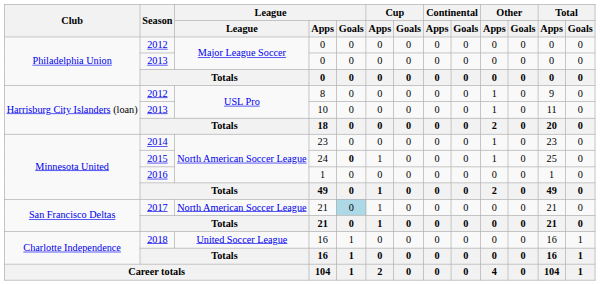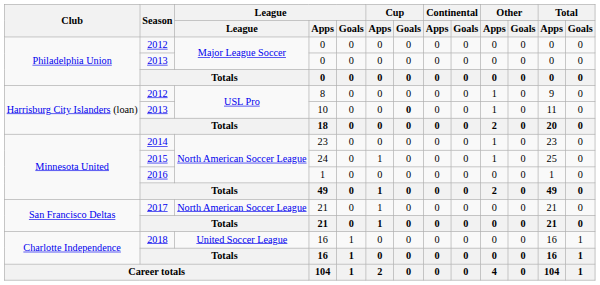 <table class="wikitable" Style="text-align: center">
 <tr>
 <th rowspan="2">Club</th>
 <th rowspan="2">Season</th>
 <th colspan="3">League</th>
 <th colspan="2">Cup</th>
 <th colspan="2">Continental</th>
 <th colspan="2">Other</th>
 <th colspan="2">Total</th>
 </tr>
 <tr>
 <th>League</th>
 <th>Apps</th>
 <th>Goals</th>
 <th>Apps</th>
 <th>Goals</th>
 <th>Apps</th>
 <th>Goals</th>
 <th>Apps</th>
 <th>Goals</th>
 <th>Apps</th>
 <th>Goals</th>
 </tr>
 <tr>
 <td rowspan="3"><a href='#'>Philadelphia Union</a></td>
 <td><a href='#'>2012</a></td>
 <td rowspan="2"><a href='#'>Major League Soccer</a></td>
 <td>0</td>
 <td>0</td>
 <td>0</td>
 <td>0</td>
 <td>0</td>
 <td>0</td>
 <td>0</td>
 <td>0</td>
 <td>0</td>
 <td>0</td>
 </tr>
 <tr>
 <td><a href='#'>2013</a></td>
 <td>0</td>
 <td>0</td>
 <td>0</td>
 <td>0</td>
 <td>0</td>
 <td>0</td>
 <td>0</td>
 <td>0</td>
 <td>0</td>
 <td>0</td>
 </tr>
 <tr>
 <th colspan="2">Totals</th>
 <th>0</th>
 <th>0</th>
 <th>0</th>
 <th>0</th>
 <th>0</th>
 <th>0</th>
 <th>0</th>
 <th>0</th>
 <th>0</th>
 <th>0</th>
 </tr>
 <tr>
 <td rowspan="3"><a href='#'>Harrisburg City Islanders</a> (loan)</td>
 <td><a href='#'>2012</a></td>
 <td rowspan="2"><a href='#'>USL Pro</a></td>
 <td>8</td>
 <td>0</td>
 <td>0</td>
 <td>0</td>
 <td>0</td>
 <td>0</td>
 <td>1</td>
 <td>0</td>
 <td>9</td>
 <td>0</td>
 </tr>
 <tr>
 <td><a href='#'>2013</a></td>
 <td>10</td>
 <td>0</td>
 <td>0</td>
-<td>0</td>
+<td><strong>0</strong></td>
 <td>0</td>
 <td>0</td>
 <td>1</td>
 <td>0</td>
 <td>11</td>
 <td>0</td>
 </tr>
 <tr>
 <th colspan="2">Totals</th>
 <th>18</th>
 <th>0</th>
 <th>0</th>
 <th>0</th>
 <th>0</th>
 <th>0</th>
 <th>2</th>
 <th>0</th>
 <th>20</th>
 <th>0</th>
 </tr>
 <tr>
 <td rowspan="4"><a href='#'>Minnesota United</a></td>
 <td><a href='#'>2014</a></td>
 <td rowspan="3"><a href='#'>North American Soccer League</a></td>
 <td>23</td>
 <td>0</td>
 <td>0</td>
 <td>0</td>
 <td>0</td>
 <td>0</td>
 <td>1</td>
 <td>0</td>
 <td>23</td>
 <td>0</td>
 </tr>
 <tr>
 <td><a href='#'>2015</a></td>
 <td>24</td>
-<td><strong>0</strong></td>
+<td>0</td>
 <td>1</td>
 <td>0</td>
 <td>0</td>
 <td>0</td>
 <td>1</td>
 <td>0</td>
 <td>25</td>
 <td>0</td>
 </tr>
 <tr>
 <td><a href='#'>2016</a></td>
 <td>1</td>
 <td>0</td>
 <td>0</td>
 <td>0</td>
 <td>0</td>
 <td>0</td>
 <td>0</td>
 <td>0</td>
 <td>1</td>
 <td>0</td>
 </tr>
 <tr>
 <th colspan="2">Totals</th>
 <th>49</th>
 <th>0</th>
 <th>1</th>
 <th>0</th>
 <th>0</th>
 <th>0</th>
 <th>2</th>
 <th>0</th>
 <th>49</th>
 <th>0</th>
 </tr>
 <tr>
 <td rowspan="2"><a href='#'>San Francisco Deltas</a></td>
 <td><a href='#'>2017</a></td>
 <td rowspan="1"><a href='#'>North American Soccer League</a></td>
 <td>21</td>
-<td style="background: lightblue;">0</td>
+<td>0</td>
 <td>1</td>
 <td>0</td>
 <td>0</td>
 <td>0</td>
 <td>0</td>
 <td>0</td>
 <td>21</td>
 <td>0</td>
 </tr>
 <tr>
 <th colspan="2">Totals</th>
 <th>21</th>
 <th>0</th>
 <th>1</th>
 <th>0</th>
 <th>0</th>
 <th>0</th>
 <th>0</th>
 <th>0</th>
 <th>21</th>
 <th>0</th>
 </tr>
 <tr>
 <td rowspan="2"><a href='#'>Charlotte Independence</a></td>
 <td><a href='#'>2018</a></td>
 <td rowspan="1"><a href='#'>United Soccer League</a></td>
 <td>16</td>
 <td>1</td>
 <td>0</td>
 <td>0</td>
 <td>0</td>
 <td>0</td>
 <td>0</td>
 <td>0</td>
 <td>16</td>
 <td>1</td>
 </tr>
 <tr>
 <th colspan="2">Totals</th>
 <th>16</th>
 <th>1</th>
 <th>0</th>
 <th>0</th>
 <th>0</th>
 <th>0</th>
 <th>0</th>
 <th>0</th>
 <th>16</th>
 <th>1</th>
 </tr>
 <tr>
 <th colspan="3">Career totals</th>
 <th>104</th>
 <th>1</th>
 <th>2</th>
 <th>0</th>
 <th>0</th>
 <th>0</th>
 <th>4</th>
 <th>0</th>
 <th>104</th>
 <th>1</th>
 </tr>
 </table>
